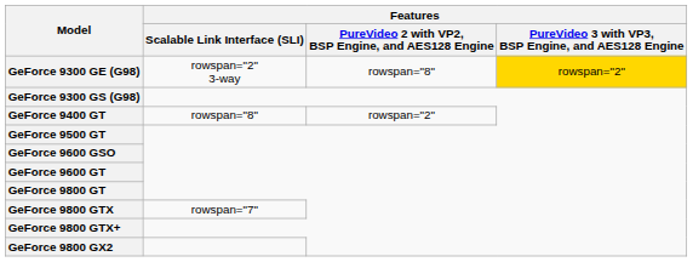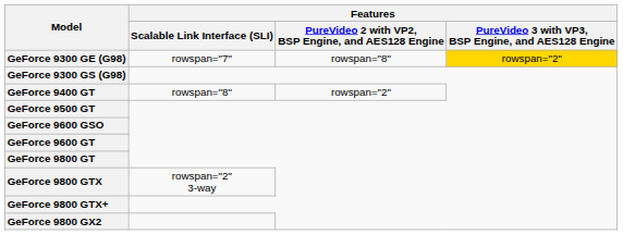 <table class="wikitable" style="font-size: 85%; text-align: center;">
 <tr>
 <th rowspan="2">Model</th>
 <th colspan="3">Features</th>
 </tr>
 <tr>
 <th>Scalable Link Interface (SLI)</th>
 <th><a href='#'>PureVideo</a> 2 with VP2,<br>BSP Engine, and AES128 Engine</th>
 <th><a href='#'>PureVideo</a> 3 with VP3,<br>BSP Engine, and AES128 Engine</th>
 </tr>
 <tr>
 <th style="text-align:left;">GeForce 9300 GE (G98)</th>
-<td>rowspan="2" <br>3-way</td>
+<td>rowspan="7" </td>
 <td>rowspan="8" </td>
 <td style="background: gold;">rowspan="2" </td>
 </tr>
 <tr>
 <th style="text-align:left;">GeForce 9300 GS (G98)</th>
 </tr>
 <tr>
 <th style="text-align:left;">GeForce 9400 GT</th>
 <td>rowspan="8" </td>
 <td>rowspan="2" </td>
 </tr>
 <tr>
 <th style="text-align:left;">GeForce 9500 GT</th>
 </tr>
 <tr>
 <th style="text-align:left;">GeForce 9600 GSO</th>
 </tr>
 <tr>
 <th style="text-align:left;">GeForce 9600 GT</th>
 </tr>
 <tr>
 <th style="text-align:left;">GeForce 9800 GT</th>
 </tr>
 <tr>
 <th style="text-align:left;">GeForce 9800 GTX</th>
-<td>rowspan="7" </td>
+<td>rowspan="2" <br>3-way</td>
 </tr>
 <tr>
 <th style="text-align:left;">GeForce 9800 GTX+</th>
 </tr>
 <tr>
 <th style="text-align:left;">GeForce 9800 GX2</th>
 <td></td>
 </tr>
 </table>
